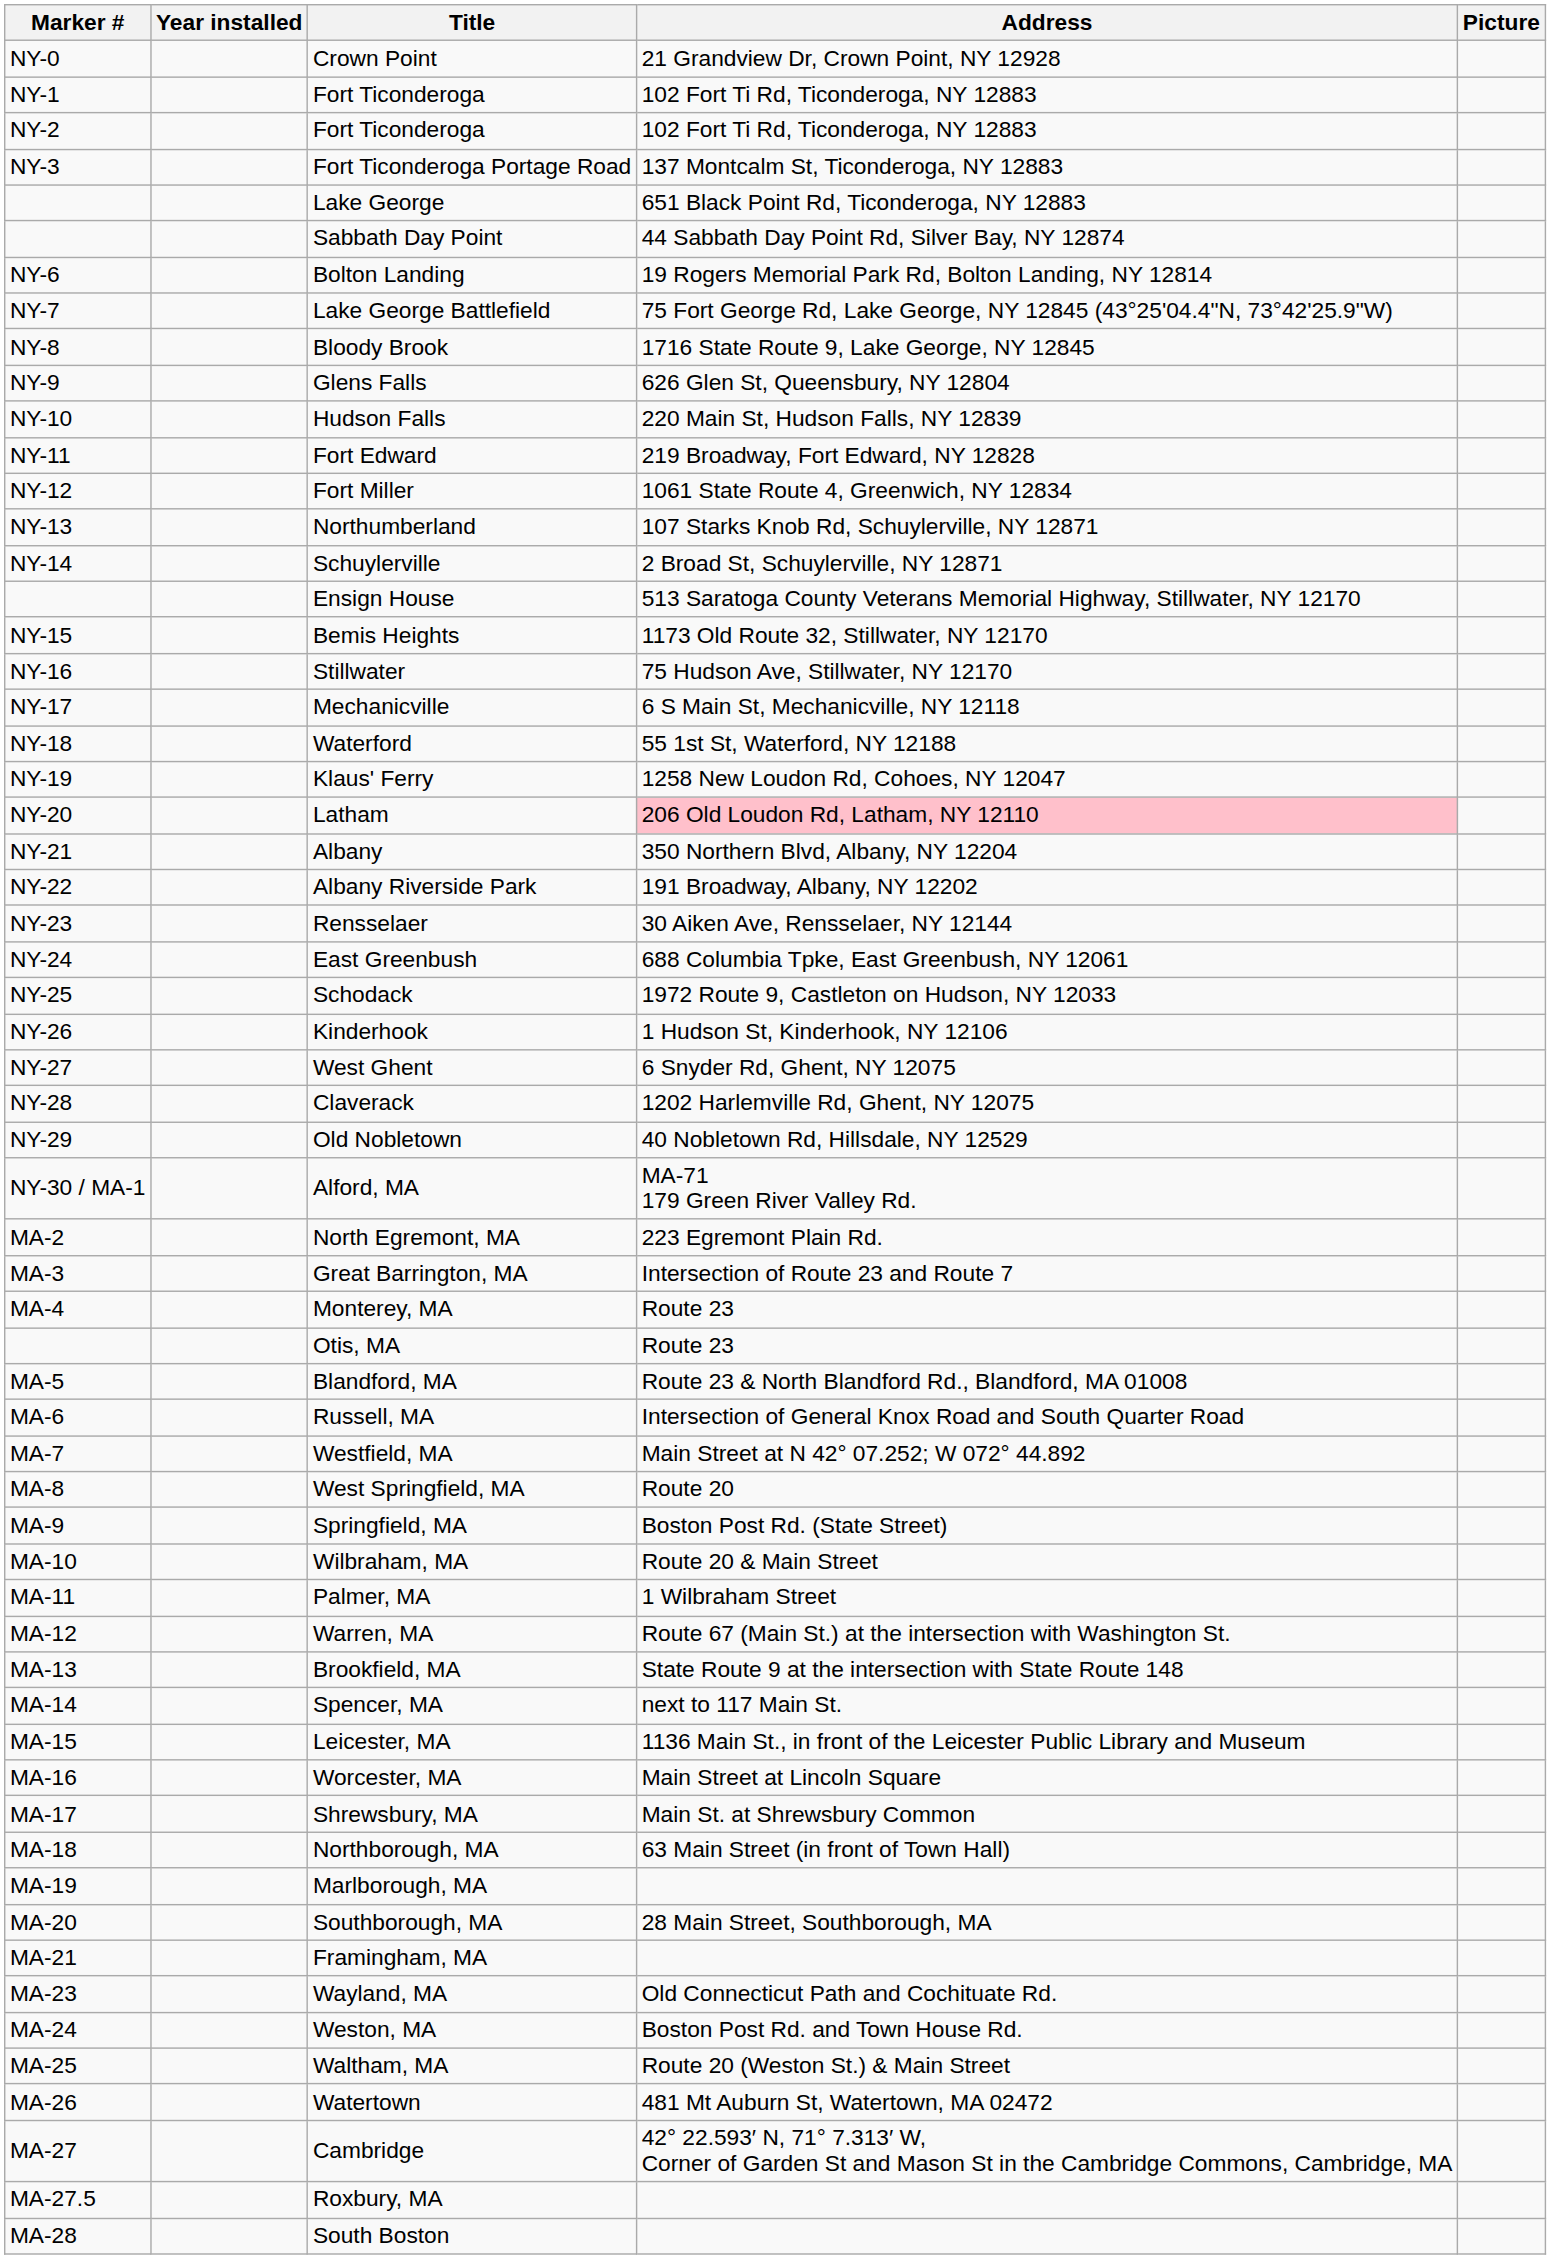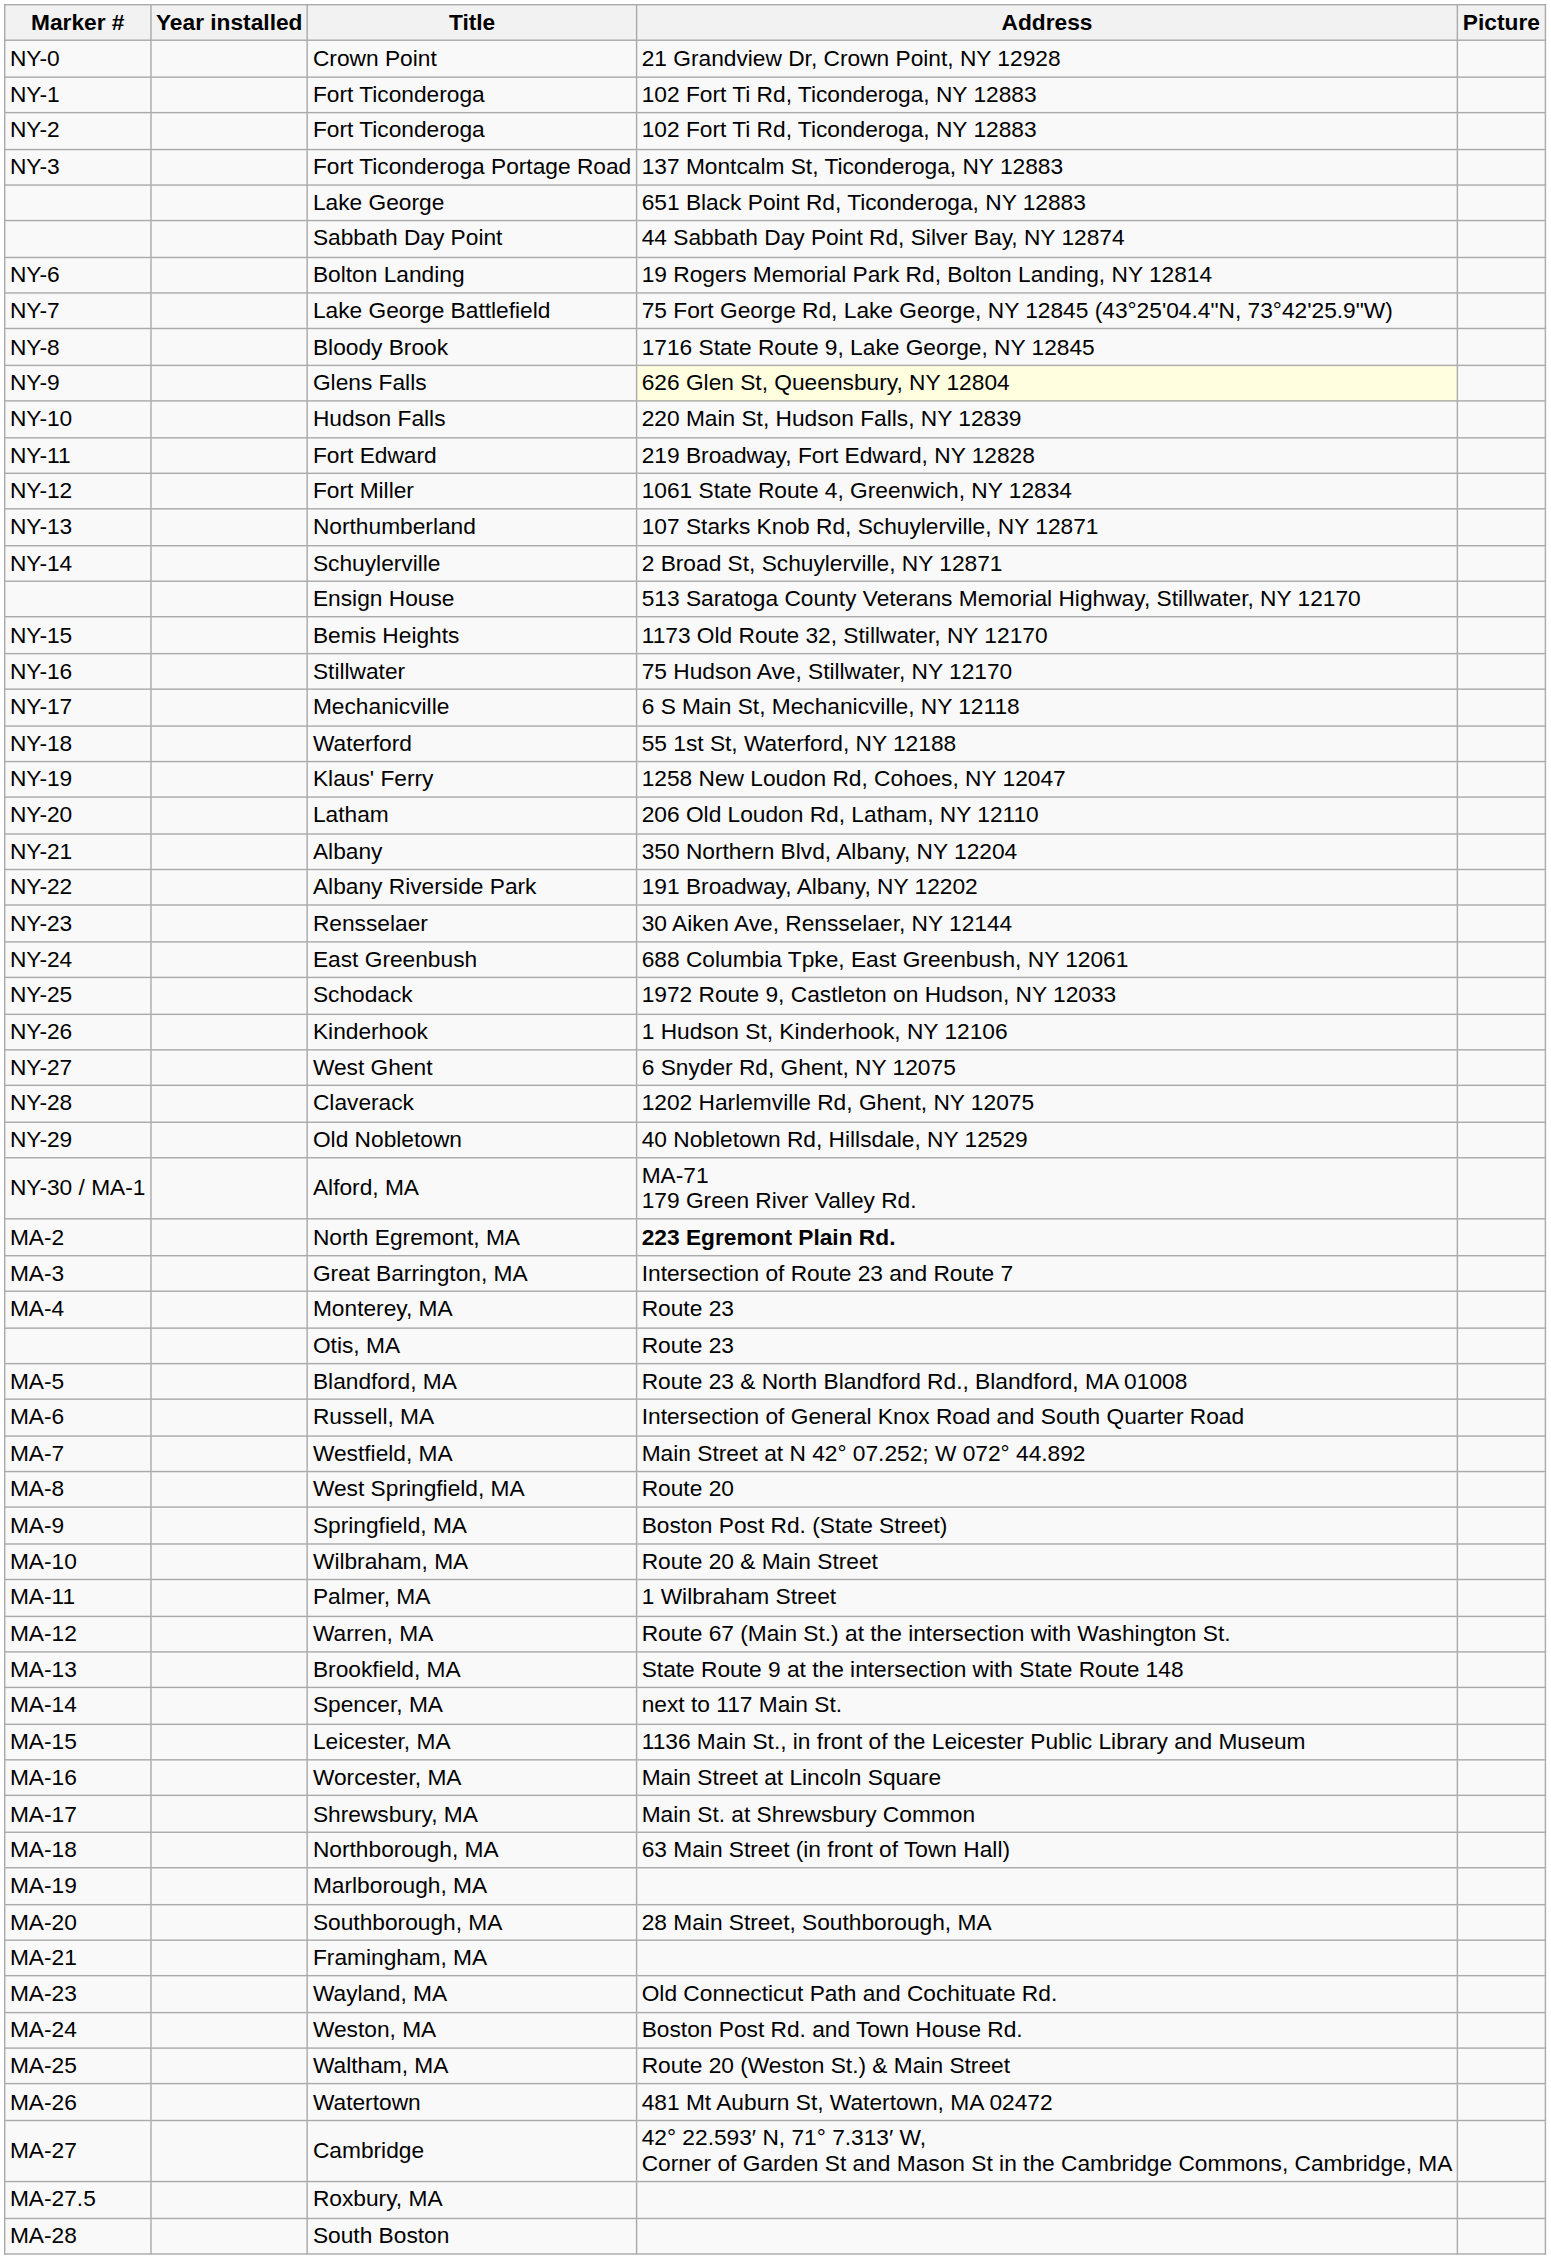 <table class="wikitable">
 <tr>
 <th>Marker #</th>
 <th>Year installed</th>
 <th>Title</th>
 <th>Address</th>
 <th>Picture</th>
 </tr>
 <tr>
 <td>NY-0</td>
 <td></td>
 <td>Crown Point</td>
 <td>21 Grandview Dr,  Crown Point, NY 12928</td>
 <td></td>
 </tr>
 <tr>
 <td>NY-1</td>
 <td></td>
 <td>Fort Ticonderoga</td>
 <td>102 Fort Ti Rd, Ticonderoga, NY 12883</td>
 <td></td>
 </tr>
 <tr>
 <td>NY-2</td>
 <td></td>
 <td>Fort Ticonderoga</td>
 <td>102 Fort Ti Rd, Ticonderoga, NY 12883</td>
 <td></td>
 </tr>
 <tr>
 <td>NY-3</td>
 <td></td>
 <td>Fort Ticonderoga Portage Road</td>
 <td>137 Montcalm St, Ticonderoga, NY 12883</td>
 <td></td>
 </tr>
 <tr>
 <td></td>
 <td></td>
 <td>Lake George</td>
 <td>651 Black Point Rd, Ticonderoga, NY 12883</td>
 <td></td>
 </tr>
 <tr>
 <td></td>
 <td></td>
 <td>Sabbath Day Point</td>
 <td>44 Sabbath Day Point Rd, Silver Bay, NY  12874</td>
 <td></td>
 </tr>
 <tr>
 <td>NY-6</td>
 <td></td>
 <td>Bolton Landing</td>
 <td>19 Rogers Memorial Park Rd, Bolton  Landing, NY 12814</td>
 <td></td>
 </tr>
 <tr>
 <td>NY-7</td>
 <td></td>
 <td>Lake George Battlefield</td>
 <td>75 Fort George Rd, Lake George, NY 12845 (43°25'04.4"N, 73°42'25.9"W)</td>
 <td></td>
 </tr>
 <tr>
 <td>NY-8</td>
 <td></td>
 <td>Bloody Brook</td>
 <td>1716 State Route 9, Lake George, NY 12845</td>
 <td></td>
 </tr>
 <tr>
 <td>NY-9</td>
 <td></td>
 <td>Glens Falls</td>
-<td>626 Glen St, Queensbury, NY 12804</td>
+<td style="background: lightyellow;">626 Glen St, Queensbury, NY 12804</td>
 <td></td>
 </tr>
 <tr>
 <td>NY-10</td>
 <td></td>
 <td>Hudson Falls</td>
 <td>220 Main St, Hudson Falls, NY 12839</td>
 <td></td>
 </tr>
 <tr>
 <td>NY-11</td>
 <td></td>
 <td>Fort Edward</td>
 <td>219 Broadway, Fort Edward, NY 12828</td>
 <td></td>
 </tr>
 <tr>
 <td>NY-12</td>
 <td></td>
 <td>Fort Miller</td>
 <td>1061 State Route 4, Greenwich, NY 12834</td>
 <td></td>
 </tr>
 <tr>
 <td>NY-13</td>
 <td></td>
 <td>Northumberland</td>
 <td>107 Starks Knob Rd, Schuylerville, NY  12871</td>
 <td></td>
 </tr>
 <tr>
 <td>NY-14</td>
 <td></td>
 <td>Schuylerville</td>
 <td>2 Broad St, Schuylerville, NY 12871</td>
 <td></td>
 </tr>
 <tr>
 <td></td>
 <td></td>
 <td>Ensign House</td>
 <td>513 Saratoga County Veterans Memorial  Highway, Stillwater, NY 12170</td>
 <td></td>
 </tr>
 <tr>
 <td>NY-15</td>
 <td></td>
 <td>Bemis Heights</td>
 <td>1173 Old Route 32, Stillwater, NY 12170</td>
 <td></td>
 </tr>
 <tr>
 <td>NY-16</td>
 <td></td>
 <td>Stillwater</td>
 <td>75 Hudson Ave, Stillwater, NY 12170</td>
 <td></td>
 </tr>
 <tr>
 <td>NY-17</td>
 <td></td>
 <td>Mechanicville</td>
 <td>6 S Main St, Mechanicville, NY 12118</td>
 <td></td>
 </tr>
 <tr>
 <td>NY-18</td>
 <td></td>
 <td>Waterford</td>
 <td>55 1st St, Waterford, NY 12188</td>
 <td></td>
 </tr>
 <tr>
 <td>NY-19</td>
 <td></td>
 <td>Klaus' Ferry</td>
 <td>1258 New Loudon Rd, Cohoes, NY 12047</td>
 <td></td>
 </tr>
 <tr>
 <td>NY-20</td>
 <td></td>
 <td>Latham</td>
-<td style="background: pink;">206 Old Loudon Rd, Latham, NY 12110</td>
+<td>206 Old Loudon Rd, Latham, NY 12110</td>
 <td></td>
 </tr>
 <tr>
 <td>NY-21</td>
 <td></td>
 <td>Albany</td>
 <td>350 Northern Blvd, Albany, NY 12204</td>
 <td></td>
 </tr>
 <tr>
 <td>NY-22</td>
 <td></td>
 <td>Albany Riverside Park</td>
 <td>191 Broadway, Albany, NY 12202</td>
 <td></td>
 </tr>
 <tr>
 <td>NY-23</td>
 <td></td>
 <td>Rensselaer</td>
 <td>30 Aiken Ave, Rensselaer, NY 12144</td>
 <td></td>
 </tr>
 <tr>
 <td>NY-24</td>
 <td></td>
 <td>East Greenbush</td>
 <td>688 Columbia Tpke, East Greenbush, NY  12061</td>
 <td></td>
 </tr>
 <tr>
 <td>NY-25</td>
 <td></td>
 <td>Schodack</td>
 <td>1972 Route 9, Castleton on Hudson, NY  12033</td>
 <td></td>
 </tr>
 <tr>
 <td>NY-26</td>
 <td></td>
 <td>Kinderhook</td>
 <td>1 Hudson St, Kinderhook, NY 12106</td>
 <td><br></td>
 </tr>
 <tr>
 <td>NY-27</td>
 <td></td>
 <td>West Ghent</td>
 <td>6 Snyder Rd, Ghent, NY 12075</td>
 <td></td>
 </tr>
 <tr>
 <td>NY-28</td>
 <td></td>
 <td>Claverack</td>
 <td>1202 Harlemville Rd, Ghent, NY 12075</td>
 <td></td>
 </tr>
 <tr>
 <td>NY-29</td>
 <td></td>
 <td>Old Nobletown</td>
 <td>40 Nobletown Rd, Hillsdale, NY 12529</td>
 <td></td>
 </tr>
 <tr>
 <td>NY-30 / MA-1</td>
 <td></td>
 <td>Alford, MA</td>
 <td>MA-71<br>179 Green River Valley Rd.</td>
 <td></td>
 </tr>
 <tr>
 <td>MA-2</td>
 <td></td>
 <td>North Egremont, MA</td>
-<td>223 Egremont Plain Rd.</td>
+<td><strong>223 Egremont Plain Rd.</strong></td>
 <td></td>
 </tr>
 <tr>
 <td>MA-3</td>
 <td></td>
 <td>Great Barrington, MA</td>
 <td>Intersection of Route 23 and Route 7</td>
 <td></td>
 </tr>
 <tr>
 <td>MA-4</td>
 <td></td>
 <td>Monterey, MA</td>
 <td>Route 23</td>
 <td></td>
 </tr>
 <tr>
 <td></td>
 <td></td>
 <td>Otis, MA</td>
 <td>Route 23</td>
 <td></td>
 </tr>
 <tr>
 <td>MA-5</td>
 <td></td>
 <td>Blandford, MA</td>
 <td>Route 23 & North Blandford Rd., Blandford, MA 01008</td>
 <td></td>
 </tr>
 <tr>
 <td>MA-6</td>
 <td></td>
 <td>Russell, MA</td>
 <td>Intersection of General Knox Road and South Quarter Road</td>
 <td></td>
 </tr>
 <tr>
 <td>MA-7</td>
 <td></td>
 <td>Westfield, MA</td>
 <td>Main Street at N 42° 07.252; W 072° 44.892</td>
 <td></td>
 </tr>
 <tr>
 <td>MA-8</td>
 <td></td>
 <td>West Springfield, MA</td>
 <td>Route 20  </td>
 <td></td>
 </tr>
 <tr>
 <td>MA-9</td>
 <td></td>
 <td>Springfield, MA</td>
 <td>Boston Post Rd. (State Street)</td>
 <td></td>
 </tr>
 <tr>
 <td>MA-10</td>
 <td></td>
 <td>Wilbraham, MA</td>
 <td>Route 20 & Main Street</td>
 <td></td>
 </tr>
 <tr>
 <td>MA-11</td>
 <td></td>
 <td>Palmer, MA</td>
 <td>1 Wilbraham Street</td>
 <td></td>
 </tr>
 <tr>
 <td>MA-12</td>
 <td></td>
 <td>Warren, MA</td>
 <td>Route 67 (Main St.) at the intersection with Washington St.</td>
 <td></td>
 </tr>
 <tr>
 <td>MA-13</td>
 <td></td>
 <td>Brookfield, MA</td>
 <td>State Route 9 at the intersection with State Route 148</td>
 <td></td>
 </tr>
 <tr>
 <td>MA-14</td>
 <td></td>
 <td>Spencer, MA</td>
 <td>next to 117 Main St.</td>
 <td></td>
 </tr>
 <tr>
 <td>MA-15</td>
 <td></td>
 <td>Leicester, MA</td>
 <td>1136 Main St., in front of the Leicester Public Library and Museum</td>
 <td><br></td>
 </tr>
 <tr>
 <td>MA-16</td>
 <td></td>
 <td>Worcester, MA</td>
 <td>Main Street at Lincoln Square</td>
 <td><br></td>
 </tr>
 <tr>
 <td>MA-17</td>
 <td></td>
 <td>Shrewsbury, MA</td>
 <td>Main St. at Shrewsbury Common</td>
 <td></td>
 </tr>
 <tr>
 <td>MA-18</td>
 <td></td>
 <td>Northborough, MA</td>
 <td>63 Main Street (in front of Town Hall)</td>
 <td><br></td>
 </tr>
 <tr>
 <td>MA-19</td>
 <td></td>
 <td>Marlborough, MA</td>
 <td></td>
 <td><br></td>
 </tr>
 <tr>
 <td>MA-20</td>
 <td></td>
 <td>Southborough, MA</td>
 <td>28 Main Street, Southborough, MA</td>
 <td></td>
 </tr>
 <tr>
 <td>MA-21</td>
 <td></td>
 <td>Framingham, MA</td>
 <td></td>
 <td></td>
 </tr>
 <tr>
 <td>MA-23</td>
 <td></td>
 <td>Wayland, MA</td>
 <td>Old Connecticut Path and Cochituate Rd.</td>
 <td></td>
 </tr>
 <tr>
 <td>MA-24</td>
 <td></td>
 <td>Weston, MA</td>
 <td>Boston Post Rd. and Town House Rd.</td>
 <td></td>
 </tr>
 <tr>
 <td>MA-25</td>
 <td></td>
 <td>Waltham, MA</td>
 <td>Route 20 (Weston St.) & Main Street</td>
 <td></td>
 </tr>
 <tr>
 <td>MA-26</td>
 <td></td>
 <td>Watertown</td>
 <td>481 Mt Auburn St, Watertown, MA 02472</td>
 <td></td>
 </tr>
 <tr>
 <td>MA-27</td>
 <td></td>
 <td>Cambridge</td>
 <td>42° 22.593′ N, 71° 7.313′ W,<br>Corner of Garden St and Mason St in the Cambridge Commons,   Cambridge, MA</td>
 <td></td>
 </tr>
 <tr>
 <td>MA-27.5</td>
 <td></td>
 <td>Roxbury, MA</td>
 <td></td>
 <td></td>
 </tr>
 <tr>
 <td>MA-28</td>
 <td></td>
 <td>South Boston</td>
 <td></td>
 <td></td>
 </tr>
 </table>
